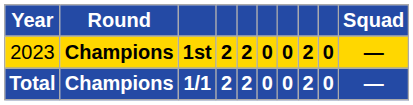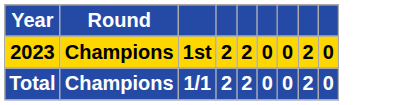 <table class="wikitable" style="text-align: center;">
 <tr>
 <th style="background:#244AA5; color:white; ">Year</th>
 <th style="background:#244AA5; color:white; ">Round</th>
 <th style="background:#244AA5; color:white; "></th>
 <th style="background:#244AA5; color:white; "></th>
 <th style="background:#244AA5; color:white; "></th>
 <th style="background:#244AA5; color:white; "></th>
 <th style="background:#244AA5; color:white; "></th>
 <th style="background:#244AA5; color:white; "></th>
 <th style="background:#244AA5; color:white; "></th>
-<th style="background:#244AA5; color:white; ">Squad</th>
 </tr>
 <tr style="background:gold;">
-<td>2023</td>
+<td><strong>2023</strong></td>
 <td><strong>Champions</strong></td>
 <td><strong>1st</strong></td>
 <td><strong>2</strong></td>
 <td><strong>2</strong></td>
 <td><strong>0</strong></td>
 <td><strong>0</strong></td>
 <td><strong>2</strong></td>
 <td><strong>0</strong></td>
-<td><strong>—</strong></td>
 </tr>
 <tr>
 <th style="background:#244AA5;color:white;">Total</th>
 <th style="background:#244AA5; color:white; ">Champions</th>
 <th style="background:#244AA5; color:white; ">1/1</th>
 <th style="background:#244AA5; color:white; ">2</th>
 <th style="background:#244AA5; color:white; ">2</th>
 <th style="background:#244AA5; color:white; ">0</th>
 <th style="background:#244AA5; color:white; ">0</th>
 <th style="background:#244AA5; color:white; ">2</th>
 <th style="background:#244AA5; color:white; ">0</th>
-<th style="background:#244AA5; color:white; ">—</th>
 </tr>
 </table>
